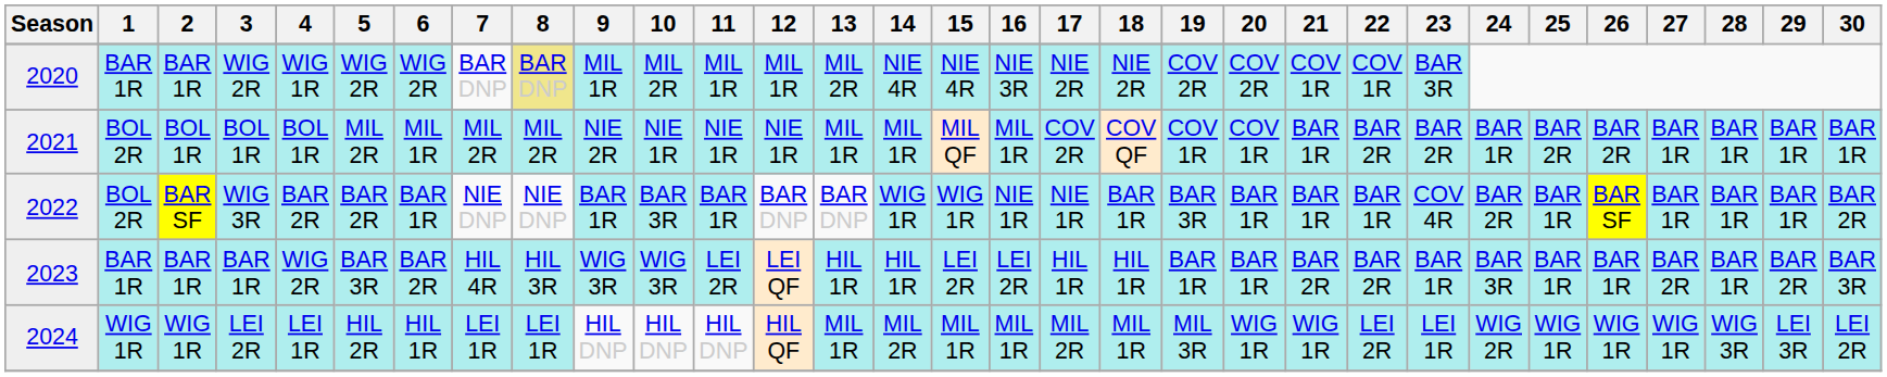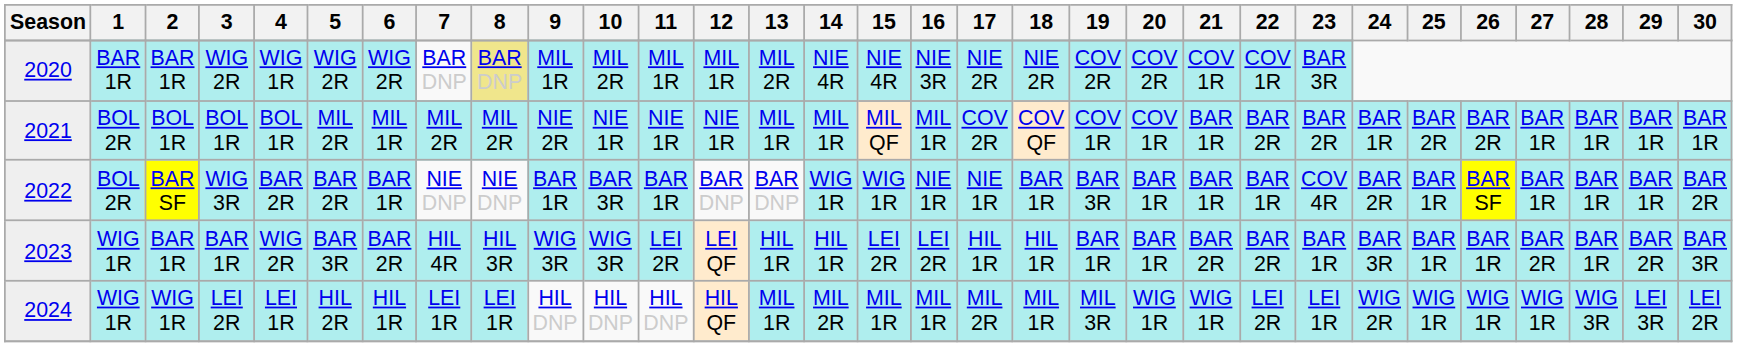 <table class="wikitable" style="width:18%; margin:0; font-size:75%">
 <tr>
 <th>Season</th>
 <th>1</th>
 <th>2</th>
 <th>3</th>
 <th>4</th>
 <th>5</th>
 <th>6</th>
 <th>7</th>
 <th>8</th>
 <th>9</th>
 <th>10</th>
 <th>11</th>
 <th>12</th>
 <th>13</th>
 <th>14</th>
 <th>15</th>
 <th>16</th>
 <th>17</th>
 <th>18</th>
 <th>19</th>
 <th>20</th>
 <th>21</th>
 <th>22</th>
 <th>23</th>
 <th>24</th>
 <th>25</th>
 <th>26</th>
 <th>27</th>
 <th>28</th>
 <th>29</th>
 <th>30</th>
 </tr>
 <tr>
 </tr>
 <tr>
 <td style="text-align:center; background:#efefef;"><a href='#'>2020</a></td>
 <td style="text-align:center; background:#afeeee;"><a href='#'>BAR</a><br>1R</td>
 <td style="text-align:center; background:#afeeee;"><a href='#'>BAR</a><br>1R</td>
 <td style="text-align:center; background:#afeeee;"><a href='#'>WIG</a><br>2R</td>
 <td style="text-align:center; background:#afeeee;"><a href='#'>WIG</a><br>1R</td>
 <td style="text-align:center; background:#afeeee;"><a href='#'>WIG</a><br>2R</td>
 <td style="text-align:center; background:#afeeee;"><a href='#'>WIG</a><br>2R</td>
 <td style="text-align:center; color:#ccc;"><a href='#'>BAR</a><br>DNP</td>
 <td style="background: khaki; text-align:center; color:#ccc;"><a href='#'>BAR</a><br>DNP</td>
 <td style="text-align:center; background:#afeeee;"><a href='#'>MIL</a><br>1R</td>
 <td style="text-align:center; background:#afeeee;"><a href='#'>MIL</a><br>2R</td>
 <td style="text-align:center; background:#afeeee;"><a href='#'>MIL</a><br>1R</td>
 <td style="text-align:center; background:#afeeee;"><a href='#'>MIL</a><br>1R</td>
 <td style="text-align:center; background:#afeeee;"><a href='#'>MIL</a><br>2R</td>
 <td style="text-align:center; background:#afeeee;"><a href='#'>NIE</a><br>4R</td>
 <td style="text-align:center; background:#afeeee;"><a href='#'>NIE</a><br>4R</td>
 <td style="text-align:center; background:#afeeee;"><a href='#'>NIE</a><br>3R</td>
 <td style="text-align:center; background:#afeeee;"><a href='#'>NIE</a><br>2R</td>
 <td style="text-align:center; background:#afeeee;"><a href='#'>NIE</a><br>2R</td>
 <td style="text-align:center; background:#afeeee;"><a href='#'>COV</a><br>2R</td>
 <td style="text-align:center; background:#afeeee;"><a href='#'>COV</a><br>2R</td>
 <td style="text-align:center; background:#afeeee;"><a href='#'>COV</a><br>1R</td>
 <td style="text-align:center; background:#afeeee;"><a href='#'>COV</a><br>1R</td>
 <td style="text-align:center; background:#afeeee;"><a href='#'>BAR</a><br>3R</td>
 </tr>
 <tr>
 <td style="text-align:center; background:#efefef;"><a href='#'>2021</a></td>
 <td style="text-align:center; background:#afeeee;"><a href='#'>BOL</a><br>2R</td>
 <td style="text-align:center; background:#afeeee;"><a href='#'>BOL</a><br>1R</td>
 <td style="text-align:center; background:#afeeee;"><a href='#'>BOL</a><br>1R</td>
 <td style="text-align:center; background:#afeeee;"><a href='#'>BOL</a><br>1R</td>
 <td style="text-align:center; background:#afeeee;"><a href='#'>MIL</a><br>2R</td>
 <td style="text-align:center; background:#afeeee;"><a href='#'>MIL</a><br>1R</td>
 <td style="text-align:center; background:#afeeee;"><a href='#'>MIL</a><br>2R</td>
 <td style="text-align:center; background:#afeeee;"><a href='#'>MIL</a><br>2R</td>
 <td style="text-align:center; background:#afeeee;"><a href='#'>NIE</a><br>2R</td>
 <td style="text-align:center; background:#afeeee;"><a href='#'>NIE</a><br>1R</td>
 <td style="text-align:center; background:#afeeee;"><a href='#'>NIE</a><br>1R</td>
 <td style="text-align:center; background:#afeeee;"><a href='#'>NIE</a><br>1R</td>
 <td style="text-align:center; background:#afeeee;"><a href='#'>MIL</a><br>1R</td>
 <td style="text-align:center; background:#afeeee;"><a href='#'>MIL</a><br>1R</td>
 <td style="text-align:center; background:#ffebcd;"><a href='#'>MIL</a><br>QF</td>
 <td style="text-align:center; background:#afeeee;"><a href='#'>MIL</a><br>1R</td>
 <td style="text-align:center; background:#afeeee;"><a href='#'>COV</a><br>2R</td>
 <td style="text-align:center; background:#ffebcd;"><a href='#'>COV</a><br>QF</td>
 <td style="text-align:center; background:#afeeee;"><a href='#'>COV</a><br>1R</td>
 <td style="text-align:center; background:#afeeee;"><a href='#'>COV</a><br>1R</td>
 <td style="text-align:center; background:#afeeee;"><a href='#'>BAR</a><br>1R</td>
 <td style="text-align:center; background:#afeeee;"><a href='#'>BAR</a><br>2R</td>
 <td style="text-align:center; background:#afeeee;"><a href='#'>BAR</a><br>2R</td>
 <td style="text-align:center; background:#afeeee;"><a href='#'>BAR</a><br>1R</td>
 <td style="text-align:center; background:#afeeee;"><a href='#'>BAR</a><br>2R</td>
 <td style="text-align:center; background:#afeeee;"><a href='#'>BAR</a><br>2R</td>
 <td style="text-align:center; background:#afeeee;"><a href='#'>BAR</a><br>1R</td>
 <td style="text-align:center; background:#afeeee;"><a href='#'>BAR</a><br>1R</td>
 <td style="text-align:center; background:#afeeee;"><a href='#'>BAR</a><br>1R</td>
 <td style="text-align:center; background:#afeeee;"><a href='#'>BAR</a><br>1R</td>
 </tr>
 <tr>
 <td style="text-align:center; background:#efefef;"><a href='#'>2022</a></td>
 <td style="text-align:center; background:#afeeee;"><a href='#'>BOL</a><br>2R</td>
 <td style="text-align:center; background:yellow;"><a href='#'>BAR</a><br>SF</td>
 <td style="text-align:center; background:#afeeee;"><a href='#'>WIG</a><br>3R</td>
 <td style="text-align:center; background:#afeeee;"><a href='#'>BAR</a><br>2R</td>
 <td style="text-align:center; background:#afeeee;"><a href='#'>BAR</a><br>2R</td>
 <td style="text-align:center; background:#afeeee;"><a href='#'>BAR</a><br>1R</td>
 <td style="text-align:center; color:#ccc;"><a href='#'>NIE</a><br>DNP</td>
 <td style="text-align:center; color:#ccc;"><a href='#'>NIE</a><br>DNP</td>
 <td style="text-align:center; background:#afeeee;"><a href='#'>BAR</a><br>1R</td>
 <td style="text-align:center; background:#afeeee;"><a href='#'>BAR</a><br>3R</td>
 <td style="text-align:center; background:#afeeee;"><a href='#'>BAR</a><br>1R</td>
 <td style="text-align:center; color:#ccc;"><a href='#'>BAR</a><br>DNP</td>
 <td style="text-align:center; color:#ccc;"><a href='#'>BAR</a><br>DNP</td>
 <td style="text-align:center; background:#afeeee;"><a href='#'>WIG</a><br>1R</td>
 <td style="text-align:center; background:#afeeee;"><a href='#'>WIG</a><br>1R</td>
 <td style="text-align:center; background:#afeeee;"><a href='#'>NIE</a><br>1R</td>
 <td style="text-align:center; background:#afeeee;"><a href='#'>NIE</a><br>1R</td>
 <td style="text-align:center; background:#afeeee;"><a href='#'>BAR</a><br>1R</td>
 <td style="text-align:center; background:#afeeee;"><a href='#'>BAR</a><br>3R</td>
 <td style="text-align:center; background:#afeeee;"><a href='#'>BAR</a><br>1R</td>
 <td style="text-align:center; background:#afeeee;"><a href='#'>BAR</a><br>1R</td>
 <td style="text-align:center; background:#afeeee;"><a href='#'>BAR</a><br>1R</td>
 <td style="text-align:center; background:#afeeee;"><a href='#'>COV</a><br>4R</td>
 <td style="text-align:center; background:#afeeee;"><a href='#'>BAR</a><br>2R</td>
 <td style="text-align:center; background:#afeeee;"><a href='#'>BAR</a><br>1R</td>
 <td style="text-align:center; background:yellow;"><a href='#'>BAR</a><br>SF</td>
 <td style="text-align:center; background:#afeeee;"><a href='#'>BAR</a><br>1R</td>
 <td style="text-align:center; background:#afeeee;"><a href='#'>BAR</a><br>1R</td>
 <td style="text-align:center; background:#afeeee;"><a href='#'>BAR</a><br>1R</td>
 <td style="text-align:center; background:#afeeee;"><a href='#'>BAR</a><br>2R</td>
 </tr>
 <tr>
 <td style="text-align:center; background:#efefef;"><a href='#'>2023</a></td>
-<td style="text-align:center; background:#afeeee;"><a href='#'>BAR</a><br>1R</td>
+<td style="text-align:center; background:#afeeee;"><a href='#'>WIG</a><br>1R</td>
 <td style="text-align:center; background:#afeeee;"><a href='#'>BAR</a><br>1R</td>
 <td style="text-align:center; background:#afeeee;"><a href='#'>BAR</a><br>1R</td>
 <td style="text-align:center; background:#afeeee;"><a href='#'>WIG</a><br>2R</td>
 <td style="text-align:center; background:#afeeee;"><a href='#'>BAR</a><br>3R</td>
 <td style="text-align:center; background:#afeeee;"><a href='#'>BAR</a><br>2R</td>
 <td style="text-align:center; background:#afeeee;"><a href='#'>HIL</a><br>4R</td>
 <td style="text-align:center; background:#afeeee;"><a href='#'>HIL</a><br>3R</td>
 <td style="text-align:center; background:#afeeee;"><a href='#'>WIG</a><br>3R</td>
 <td style="text-align:center; background:#afeeee;"><a href='#'>WIG</a><br>3R</td>
 <td style="text-align:center; background:#afeeee;"><a href='#'>LEI</a><br>2R</td>
 <td style="text-align:center; background:#ffebcd;"><a href='#'>LEI</a><br>QF</td>
 <td style="text-align:center; background:#afeeee;"><a href='#'>HIL</a><br>1R</td>
 <td style="text-align:center; background:#afeeee;"><a href='#'>HIL</a><br>1R</td>
 <td style="text-align:center; background:#afeeee;"><a href='#'>LEI</a><br>2R</td>
 <td style="text-align:center; background:#afeeee;"><a href='#'>LEI</a><br>2R</td>
 <td style="text-align:center; background:#afeeee;"><a href='#'>HIL</a><br>1R</td>
 <td style="text-align:center; background:#afeeee;"><a href='#'>HIL</a><br>1R</td>
 <td style="text-align:center; background:#afeeee;"><a href='#'>BAR</a><br>1R</td>
 <td style="text-align:center; background:#afeeee;"><a href='#'>BAR</a><br>1R</td>
 <td style="text-align:center; background:#afeeee;"><a href='#'>BAR</a><br>2R</td>
 <td style="text-align:center; background:#afeeee;"><a href='#'>BAR</a><br>2R</td>
 <td style="text-align:center; background:#afeeee;"><a href='#'>BAR</a><br>1R</td>
 <td style="text-align:center; background:#afeeee;"><a href='#'>BAR</a><br>3R</td>
 <td style="text-align:center; background:#afeeee;"><a href='#'>BAR</a><br>1R</td>
 <td style="text-align:center; background:#afeeee;"><a href='#'>BAR</a><br>1R</td>
 <td style="text-align:center; background:#afeeee;"><a href='#'>BAR</a><br>2R</td>
 <td style="text-align:center; background:#afeeee;"><a href='#'>BAR</a><br>1R</td>
 <td style="text-align:center; background:#afeeee;"><a href='#'>BAR</a><br>2R</td>
 <td style="text-align:center; background:#afeeee;"><a href='#'>BAR</a><br>3R</td>
 </tr>
 <tr>
 <td style="text-align:center; background:#efefef;"><a href='#'>2024</a></td>
 <td style="text-align:center; background:#afeeee;"><a href='#'>WIG</a><br>1R</td>
 <td style="text-align:center; background:#afeeee;"><a href='#'>WIG</a><br>1R</td>
 <td style="text-align:center; background:#afeeee;"><a href='#'>LEI</a><br>2R</td>
 <td style="text-align:center; background:#afeeee;"><a href='#'>LEI</a><br>1R</td>
 <td style="text-align:center; background:#afeeee;"><a href='#'>HIL</a><br>2R</td>
 <td style="text-align:center; background:#afeeee;"><a href='#'>HIL</a><br>1R</td>
 <td style="text-align:center; background:#afeeee;"><a href='#'>LEI</a><br>1R</td>
 <td style="text-align:center; background:#afeeee;"><a href='#'>LEI</a><br>1R</td>
 <td style="text-align:center; color:#ccc;"><a href='#'>HIL</a><br>DNP</td>
 <td style="text-align:center; color:#ccc;"><a href='#'>HIL</a><br>DNP</td>
 <td style="text-align:center; color:#ccc;"><a href='#'>HIL</a><br>DNP</td>
 <td style="text-align:center; background:#ffebcd;"><a href='#'>HIL</a><br>QF</td>
 <td style="text-align:center; background:#afeeee;"><a href='#'>MIL</a><br>1R</td>
 <td style="text-align:center; background:#afeeee;"><a href='#'>MIL</a><br>2R</td>
 <td style="text-align:center; background:#afeeee;"><a href='#'>MIL</a><br>1R</td>
 <td style="text-align:center; background:#afeeee;"><a href='#'>MIL</a><br>1R</td>
 <td style="text-align:center; background:#afeeee;"><a href='#'>MIL</a><br>2R</td>
 <td style="text-align:center; background:#afeeee;"><a href='#'>MIL</a><br>1R</td>
 <td style="text-align:center; background:#afeeee;"><a href='#'>MIL</a><br>3R</td>
 <td style="text-align:center; background:#afeeee;"><a href='#'>WIG</a><br>1R</td>
 <td style="text-align:center; background:#afeeee;"><a href='#'>WIG</a><br>1R</td>
 <td style="text-align:center; background:#afeeee;"><a href='#'>LEI</a><br>2R</td>
 <td style="text-align:center; background:#afeeee;"><a href='#'>LEI</a><br>1R</td>
 <td style="text-align:center; background:#afeeee;"><a href='#'>WIG</a><br>2R</td>
 <td style="text-align:center; background:#afeeee;"><a href='#'>WIG</a><br>1R</td>
 <td style="text-align:center; background:#afeeee;"><a href='#'>WIG</a><br>1R</td>
 <td style="text-align:center; background:#afeeee;"><a href='#'>WIG</a><br>1R</td>
 <td style="text-align:center; background:#afeeee;"><a href='#'>WIG</a><br>3R</td>
 <td style="text-align:center; background:#afeeee;"><a href='#'>LEI</a><br>3R</td>
 <td style="text-align:center; background:#afeeee;"><a href='#'>LEI</a><br>2R</td>
 </tr>
 <tr>
 </tr>
 </table>
